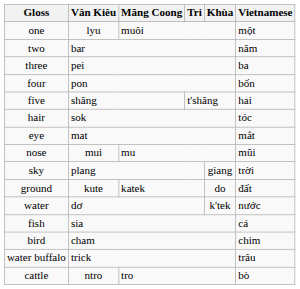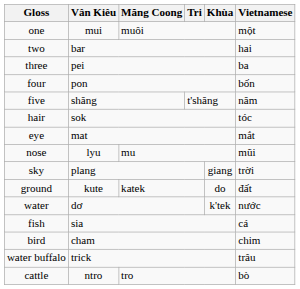 <table class="wikitable">
 <tr>
 <th>Gloss</th>
 <th>Vân Kiêu</th>
 <th>Măng Coong</th>
 <th>Tri</th>
 <th>Khùa</th>
 <th>Vietnamese</th>
 </tr>
 <tr>
 <td align=center>one</td>
-<td align=center>lyu</td>
+<td align=center>mui</td>
 <td colspan="3">muôi</td>
 <td>một</td>
 </tr>
 <tr>
 <td align=center>two</td>
 <td colspan="4">bar</td>
-<td>năm</td>
+<td>hai</td>
 </tr>
 <tr>
 <td align=center>three</td>
 <td colspan="4">pei</td>
 <td>ba</td>
 </tr>
 <tr>
 <td align=center>four</td>
 <td colspan="4">pon</td>
 <td>bốn</td>
 </tr>
 <tr>
 <td align=center>five</td>
 <td colspan="2">shăng</td>
 <td colspan="2">t'shăng</td>
-<td>hai</td>
+<td>năm</td>
 </tr>
 <tr>
 <td align=center>hair</td>
 <td colspan="4">sok</td>
 <td>tóc</td>
 </tr>
 <tr>
 <td align=center>eye</td>
 <td colspan="4">mat</td>
 <td>mắt</td>
 </tr>
 <tr>
 <td align=center>nose</td>
-<td align=center>mui</td>
+<td align=center>lyu</td>
 <td colspan="3">mu</td>
 <td>mũi</td>
 </tr>
 <tr>
 <td align=center>sky</td>
 <td colspan="3">plang</td>
 <td align=center>giang</td>
 <td>trời</td>
 </tr>
 <tr>
 <td align=center>ground</td>
 <td align=center>kute</td>
 <td colspan="2">katek</td>
 <td align=center>do</td>
 <td>đất</td>
 </tr>
 <tr>
 <td align=center>water</td>
 <td colspan="3">dơ</td>
 <td align=center>k'tek</td>
 <td>nước</td>
 </tr>
 <tr>
 <td align=center>fish</td>
 <td colspan="4">sia</td>
 <td>cá</td>
 </tr>
 <tr>
 <td align=center>bird</td>
 <td colspan="4">cham</td>
 <td>chim</td>
 </tr>
 <tr>
 <td align=center>water buffalo</td>
 <td colspan="4">trick</td>
 <td>trâu</td>
 </tr>
 <tr>
 <td align=center>cattle</td>
 <td align=center>ntro</td>
 <td colspan="3">tro</td>
 <td>bò</td>
 </tr>
 </table>
